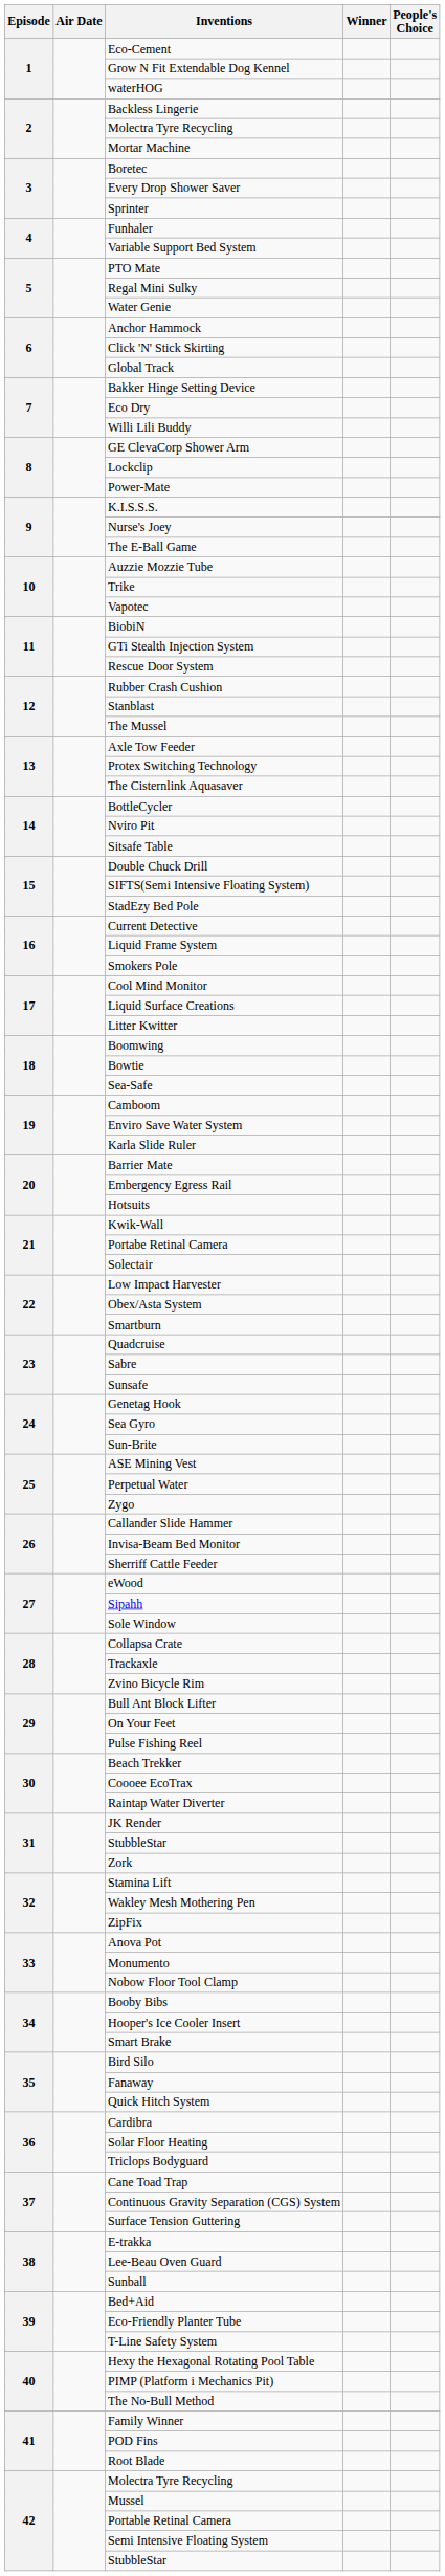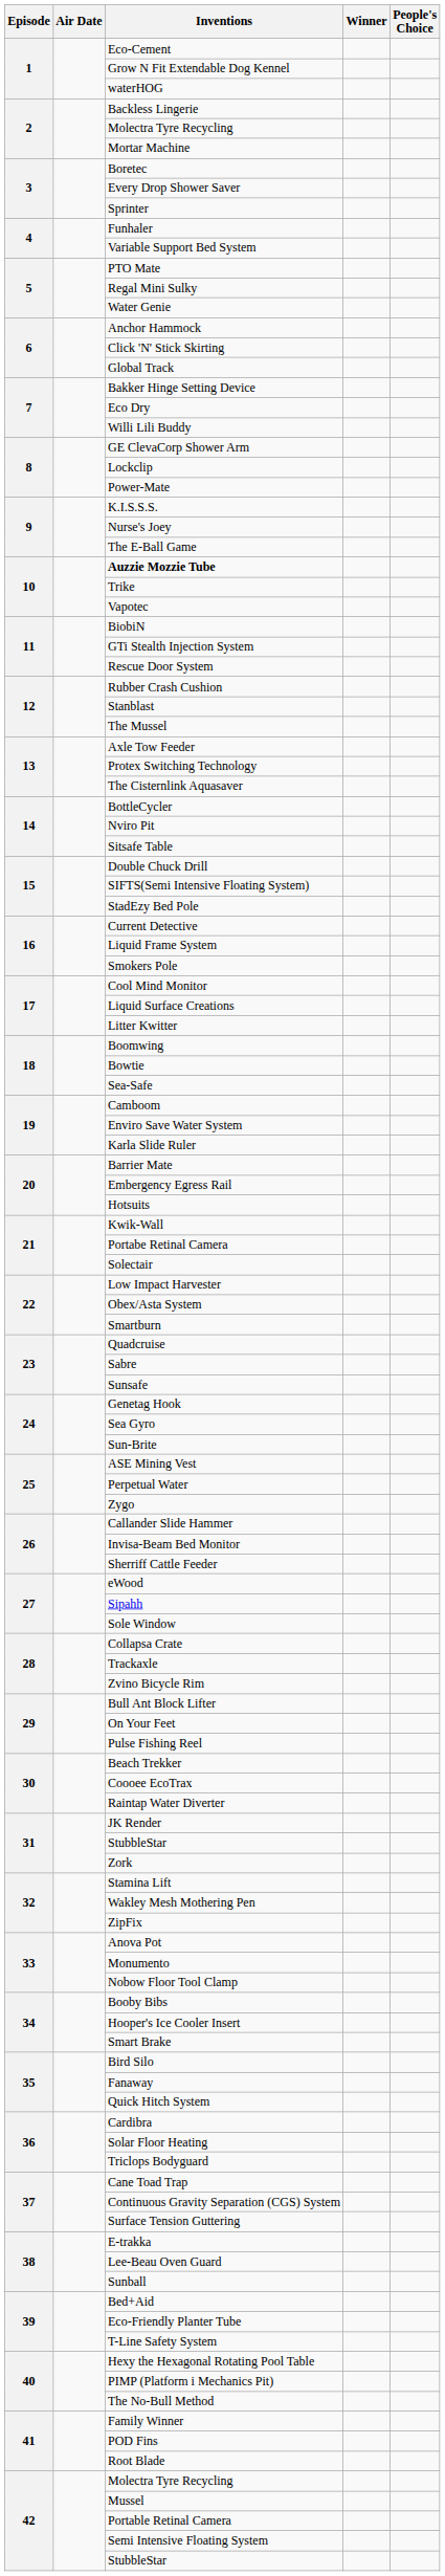 <table class="wikitable">
 <tr>
 <th>Episode</th>
 <th>Air Date</th>
 <th>Inventions</th>
 <th>Winner</th>
 <th>People's<br>Choice</th>
 </tr>
 <tr>
 <th scope=row rowspan=3>1</th>
 <td rowspan=3></td>
 <td>Eco-Cement</td>
 <td></td>
 <td></td>
 </tr>
 <tr>
 <td>Grow N Fit Extendable Dog Kennel</td>
 <td></td>
 <td></td>
 </tr>
 <tr>
 <td>waterHOG</td>
 <td></td>
 <td></td>
 </tr>
 <tr>
 <th scope=row rowspan=3>2</th>
 <td rowspan=3></td>
 <td>Backless Lingerie</td>
 <td></td>
 <td></td>
 </tr>
 <tr>
 <td>Molectra Tyre Recycling</td>
 <td></td>
 <td></td>
 </tr>
 <tr>
 <td>Mortar Machine</td>
 <td></td>
 <td></td>
 </tr>
 <tr>
 <th scope=row rowspan=3>3</th>
 <td rowspan=3></td>
 <td>Boretec</td>
 <td></td>
 <td></td>
 </tr>
 <tr>
 <td>Every Drop Shower Saver</td>
 <td></td>
 <td></td>
 </tr>
 <tr>
 <td>Sprinter</td>
 <td></td>
 <td></td>
 </tr>
 <tr>
 <th scope=row rowspan=2>4</th>
 <td rowspan=2></td>
 <td>Funhaler</td>
 <td></td>
 <td></td>
 </tr>
 <tr>
 <td>Variable Support Bed System</td>
 <td></td>
 <td></td>
 </tr>
 <tr>
 <th scope=row rowspan=3>5</th>
 <td rowspan=3></td>
 <td>PTO Mate</td>
 <td></td>
 <td></td>
 </tr>
 <tr>
 <td>Regal Mini Sulky</td>
 <td></td>
 <td></td>
 </tr>
 <tr>
 <td>Water Genie</td>
 <td></td>
 <td></td>
 </tr>
 <tr>
 <th scope=row rowspan=3>6</th>
 <td rowspan=3></td>
 <td>Anchor Hammock</td>
 <td></td>
 <td></td>
 </tr>
 <tr>
 <td>Click 'N' Stick Skirting</td>
 <td></td>
 <td></td>
 </tr>
 <tr>
 <td>Global Track</td>
 <td></td>
 <td></td>
 </tr>
 <tr>
 <th scope=row rowspan=3>7</th>
 <td rowspan=3></td>
 <td>Bakker Hinge Setting Device</td>
 <td></td>
 <td></td>
 </tr>
 <tr>
 <td>Eco Dry</td>
 <td></td>
 <td></td>
 </tr>
 <tr>
 <td>Willi Lili Buddy</td>
 <td></td>
 <td></td>
 </tr>
 <tr>
 <th scope=row rowspan=3>8</th>
 <td rowspan=3></td>
 <td>GE ClevaCorp Shower Arm</td>
 <td></td>
 <td></td>
 </tr>
 <tr>
 <td>Lockclip</td>
 <td></td>
 <td></td>
 </tr>
 <tr>
 <td>Power-Mate</td>
 <td></td>
 <td></td>
 </tr>
 <tr>
 <th scope=row rowspan=3>9</th>
 <td rowspan=3></td>
 <td>K.I.S.S.S.</td>
 <td></td>
 <td></td>
 </tr>
 <tr>
 <td>Nurse's Joey</td>
 <td></td>
 <td></td>
 </tr>
 <tr>
 <td>The E-Ball Game</td>
 <td></td>
 <td></td>
 </tr>
 <tr>
 <th scope=row rowspan=3>10</th>
 <td rowspan=3></td>
-<td>Auzzie Mozzie Tube</td>
+<td><strong>Auzzie Mozzie Tube</strong></td>
 <td></td>
 <td></td>
 </tr>
 <tr>
 <td>Trike</td>
 <td></td>
 <td></td>
 </tr>
 <tr>
 <td>Vapotec</td>
 <td></td>
 <td></td>
 </tr>
 <tr>
 <th scope=row rowspan=3>11</th>
 <td rowspan=3></td>
 <td>BiobiN</td>
 <td></td>
 <td></td>
 </tr>
 <tr>
 <td>GTi Stealth Injection System</td>
 <td></td>
 <td></td>
 </tr>
 <tr>
 <td>Rescue Door System</td>
 <td></td>
 <td></td>
 </tr>
 <tr>
 <th scope=row rowspan=3>12</th>
 <td rowspan=3></td>
 <td>Rubber Crash Cushion</td>
 <td></td>
 <td></td>
 </tr>
 <tr>
 <td>Stanblast</td>
 <td></td>
 <td></td>
 </tr>
 <tr>
 <td>The Mussel</td>
 <td></td>
 <td></td>
 </tr>
 <tr>
 <th scope=row rowspan=3>13</th>
 <td rowspan=3></td>
 <td>Axle Tow Feeder</td>
 <td></td>
 <td></td>
 </tr>
 <tr>
 <td>Protex Switching Technology</td>
 <td></td>
 <td></td>
 </tr>
 <tr>
 <td>The Cisternlink Aquasaver</td>
 <td></td>
 <td></td>
 </tr>
 <tr>
 <th scope=row rowspan=3>14</th>
 <td rowspan=3></td>
 <td>BottleCycler</td>
 <td></td>
 <td></td>
 </tr>
 <tr>
 <td>Nviro Pit</td>
 <td></td>
 <td></td>
 </tr>
 <tr>
 <td>Sitsafe Table</td>
 <td></td>
 <td></td>
 </tr>
 <tr>
 <th scope=row rowspan=3>15</th>
 <td rowspan=3></td>
 <td>Double Chuck Drill</td>
 <td></td>
 <td></td>
 </tr>
 <tr>
 <td>SIFTS(Semi Intensive Floating System)</td>
 <td></td>
 <td></td>
 </tr>
 <tr>
 <td>StadEzy Bed Pole</td>
 <td></td>
 <td></td>
 </tr>
 <tr>
 <th scope=row rowspan=3>16</th>
 <td rowspan=3></td>
 <td>Current Detective</td>
 <td></td>
 <td></td>
 </tr>
 <tr>
 <td>Liquid Frame System</td>
 <td></td>
 <td></td>
 </tr>
 <tr>
 <td>Smokers Pole</td>
 <td></td>
 <td></td>
 </tr>
 <tr>
 <th scope=row rowspan=3>17</th>
 <td rowspan=3></td>
 <td>Cool Mind Monitor</td>
 <td></td>
 <td></td>
 </tr>
 <tr>
 <td>Liquid Surface Creations</td>
 <td></td>
 <td></td>
 </tr>
 <tr>
 <td>Litter Kwitter</td>
 <td></td>
 <td></td>
 </tr>
 <tr>
 <th scope=row rowspan=3>18</th>
 <td rowspan=3></td>
 <td>Boomwing</td>
 <td></td>
 <td></td>
 </tr>
 <tr>
 <td>Bowtie</td>
 <td></td>
 <td></td>
 </tr>
 <tr>
 <td>Sea-Safe</td>
 <td></td>
 <td></td>
 </tr>
 <tr>
 <th scope=row rowspan=3>19</th>
 <td rowspan=3></td>
 <td>Camboom</td>
 <td></td>
 <td></td>
 </tr>
 <tr>
 <td>Enviro Save Water System</td>
 <td></td>
 <td></td>
 </tr>
 <tr>
 <td>Karla Slide Ruler</td>
 <td></td>
 <td></td>
 </tr>
 <tr>
 <th scope=row rowspan=3>20</th>
 <td rowspan=3></td>
 <td>Barrier Mate</td>
 <td></td>
 <td></td>
 </tr>
 <tr>
 <td>Embergency Egress Rail</td>
 <td></td>
 <td></td>
 </tr>
 <tr>
 <td>Hotsuits</td>
 <td></td>
 <td></td>
 </tr>
 <tr>
 <th scope=row rowspan=3>21</th>
 <td rowspan=3></td>
 <td>Kwik-Wall</td>
 <td></td>
 <td></td>
 </tr>
 <tr>
 <td>Portabe Retinal Camera</td>
 <td></td>
 <td></td>
 </tr>
 <tr>
 <td>Solectair</td>
 <td></td>
 <td></td>
 </tr>
 <tr>
 <th scope=row rowspan=3>22</th>
 <td rowspan=3></td>
 <td>Low Impact Harvester</td>
 <td></td>
 <td></td>
 </tr>
 <tr>
 <td>Obex/Asta System</td>
 <td></td>
 <td></td>
 </tr>
 <tr>
 <td>Smartburn</td>
 <td></td>
 <td></td>
 </tr>
 <tr>
 <th scope=row rowspan=3>23</th>
 <td rowspan=3></td>
 <td>Quadcruise</td>
 <td></td>
 <td></td>
 </tr>
 <tr>
 <td>Sabre</td>
 <td></td>
 <td></td>
 </tr>
 <tr>
 <td>Sunsafe</td>
 <td></td>
 <td></td>
 </tr>
 <tr>
 <th scope=row rowspan=3>24</th>
 <td rowspan=3></td>
 <td>Genetag Hook</td>
 <td></td>
 <td></td>
 </tr>
 <tr>
 <td>Sea Gyro</td>
 <td></td>
 <td></td>
 </tr>
 <tr>
 <td>Sun-Brite</td>
 <td></td>
 <td></td>
 </tr>
 <tr>
 <th scope=row rowspan=3>25</th>
 <td rowspan=3></td>
 <td>ASE Mining Vest</td>
 <td></td>
 <td></td>
 </tr>
 <tr>
 <td>Perpetual Water</td>
 <td></td>
 <td></td>
 </tr>
 <tr>
 <td>Zygo</td>
 <td></td>
 <td></td>
 </tr>
 <tr>
 <th scope=row rowspan=3>26</th>
 <td rowspan=3></td>
 <td>Callander Slide Hammer</td>
 <td></td>
 <td></td>
 </tr>
 <tr>
 <td>Invisa-Beam Bed Monitor</td>
 <td></td>
 <td></td>
 </tr>
 <tr>
 <td>Sherriff Cattle Feeder</td>
 <td></td>
 <td></td>
 </tr>
 <tr>
 <th scope=row rowspan=3>27</th>
 <td rowspan=3></td>
 <td>eWood</td>
 <td></td>
 <td></td>
 </tr>
 <tr>
 <td><a href='#'>Sipahh</a></td>
 <td></td>
 <td></td>
 </tr>
 <tr>
 <td>Sole Window</td>
 <td></td>
 <td></td>
 </tr>
 <tr>
 <th scope=row rowspan=3>28</th>
 <td rowspan=3></td>
 <td>Collapsa Crate</td>
 <td></td>
 <td></td>
 </tr>
 <tr>
 <td>Trackaxle</td>
 <td></td>
 <td></td>
 </tr>
 <tr>
 <td>Zvino Bicycle Rim</td>
 <td></td>
 <td></td>
 </tr>
 <tr>
 <th scope=row rowspan=3>29</th>
 <td rowspan=3></td>
 <td>Bull Ant Block Lifter</td>
 <td></td>
 <td></td>
 </tr>
 <tr>
 <td>On Your Feet</td>
 <td></td>
 <td></td>
 </tr>
 <tr>
 <td>Pulse Fishing Reel</td>
 <td></td>
 <td></td>
 </tr>
 <tr>
 <th scope=row rowspan=3>30</th>
 <td rowspan=3></td>
 <td>Beach Trekker</td>
 <td></td>
 <td></td>
 </tr>
 <tr>
 <td>Coooee EcoTrax</td>
 <td></td>
 <td></td>
 </tr>
 <tr>
 <td>Raintap Water Diverter</td>
 <td></td>
 <td></td>
 </tr>
 <tr>
 <th scope=row rowspan=3>31</th>
 <td rowspan=3></td>
 <td>JK Render</td>
 <td></td>
 <td></td>
 </tr>
 <tr>
 <td>StubbleStar</td>
 <td></td>
 <td></td>
 </tr>
 <tr>
 <td>Zork</td>
 <td></td>
 <td></td>
 </tr>
 <tr>
 <th scope=row rowspan=3>32</th>
 <td rowspan=3></td>
 <td>Stamina Lift</td>
 <td></td>
 <td></td>
 </tr>
 <tr>
 <td>Wakley Mesh Mothering Pen</td>
 <td></td>
 <td></td>
 </tr>
 <tr>
 <td>ZipFix</td>
 <td></td>
 <td></td>
 </tr>
 <tr>
 <th scope=row rowspan=3>33</th>
 <td rowspan=3></td>
 <td>Anova Pot</td>
 <td></td>
 <td></td>
 </tr>
 <tr>
 <td>Monumento</td>
 <td></td>
 <td></td>
 </tr>
 <tr>
 <td>Nobow Floor Tool Clamp</td>
 <td></td>
 <td></td>
 </tr>
 <tr>
 <th scope=row rowspan=3>34</th>
 <td rowspan=3></td>
 <td>Booby Bibs</td>
 <td></td>
 <td></td>
 </tr>
 <tr>
 <td>Hooper's Ice Cooler Insert</td>
 <td></td>
 <td></td>
 </tr>
 <tr>
 <td>Smart Brake</td>
 <td></td>
 <td></td>
 </tr>
 <tr>
 <th scope=row rowspan=3>35</th>
 <td rowspan=3></td>
 <td>Bird Silo</td>
 <td></td>
 <td></td>
 </tr>
 <tr>
 <td>Fanaway</td>
 <td></td>
 <td></td>
 </tr>
 <tr>
 <td>Quick Hitch System</td>
 <td></td>
 <td></td>
 </tr>
 <tr>
 <th scope=row rowspan=3>36</th>
 <td rowspan=3></td>
 <td>Cardibra</td>
 <td></td>
 <td></td>
 </tr>
 <tr>
 <td>Solar Floor Heating</td>
 <td></td>
 <td></td>
 </tr>
 <tr>
 <td>Triclops Bodyguard</td>
 <td></td>
 <td></td>
 </tr>
 <tr>
 <th scope=row rowspan=3>37</th>
 <td rowspan=3></td>
 <td>Cane Toad Trap</td>
 <td></td>
 <td></td>
 </tr>
 <tr>
 <td>Continuous Gravity Separation (CGS) System</td>
 <td></td>
 <td></td>
 </tr>
 <tr>
 <td>Surface Tension Guttering</td>
 <td></td>
 <td></td>
 </tr>
 <tr>
 <th scope=row rowspan=3>38</th>
 <td rowspan=3></td>
 <td>E-trakka</td>
 <td></td>
 <td></td>
 </tr>
 <tr>
 <td>Lee-Beau Oven Guard</td>
 <td></td>
 <td></td>
 </tr>
 <tr>
 <td>Sunball</td>
 <td></td>
 <td></td>
 </tr>
 <tr>
 <th scope=row rowspan=3>39</th>
 <td rowspan=3></td>
 <td>Bed+Aid</td>
 <td></td>
 <td></td>
 </tr>
 <tr>
 <td>Eco-Friendly Planter Tube</td>
 <td></td>
 <td></td>
 </tr>
 <tr>
 <td>T-Line Safety System</td>
 <td></td>
 <td></td>
 </tr>
 <tr>
 <th scope=row rowspan=3>40</th>
 <td rowspan=3></td>
 <td>Hexy the Hexagonal Rotating Pool Table</td>
 <td></td>
 <td></td>
 </tr>
 <tr>
 <td>PIMP (Platform i Mechanics Pit)</td>
 <td></td>
 <td></td>
 </tr>
 <tr>
 <td>The No-Bull Method</td>
 <td></td>
 <td></td>
 </tr>
 <tr>
 <th scope=row rowspan=3>41</th>
 <td rowspan=3></td>
 <td>Family Winner</td>
 <td></td>
 <td></td>
 </tr>
 <tr>
 <td>POD Fins</td>
 <td></td>
 <td></td>
 </tr>
 <tr>
 <td>Root Blade</td>
 <td></td>
 <td></td>
 </tr>
 <tr>
 <th scope=row rowspan=5>42</th>
 <td rowspan=5></td>
 <td>Molectra Tyre Recycling</td>
 <td></td>
 <td></td>
 </tr>
 <tr>
 <td>Mussel</td>
 <td></td>
 <td></td>
 </tr>
 <tr>
 <td>Portable Retinal Camera</td>
 <td></td>
 <td></td>
 </tr>
 <tr>
 <td>Semi Intensive Floating System</td>
 <td></td>
 <td></td>
 </tr>
 <tr>
 <td>StubbleStar</td>
 <td></td>
 <td></td>
 </tr>
 </table>
